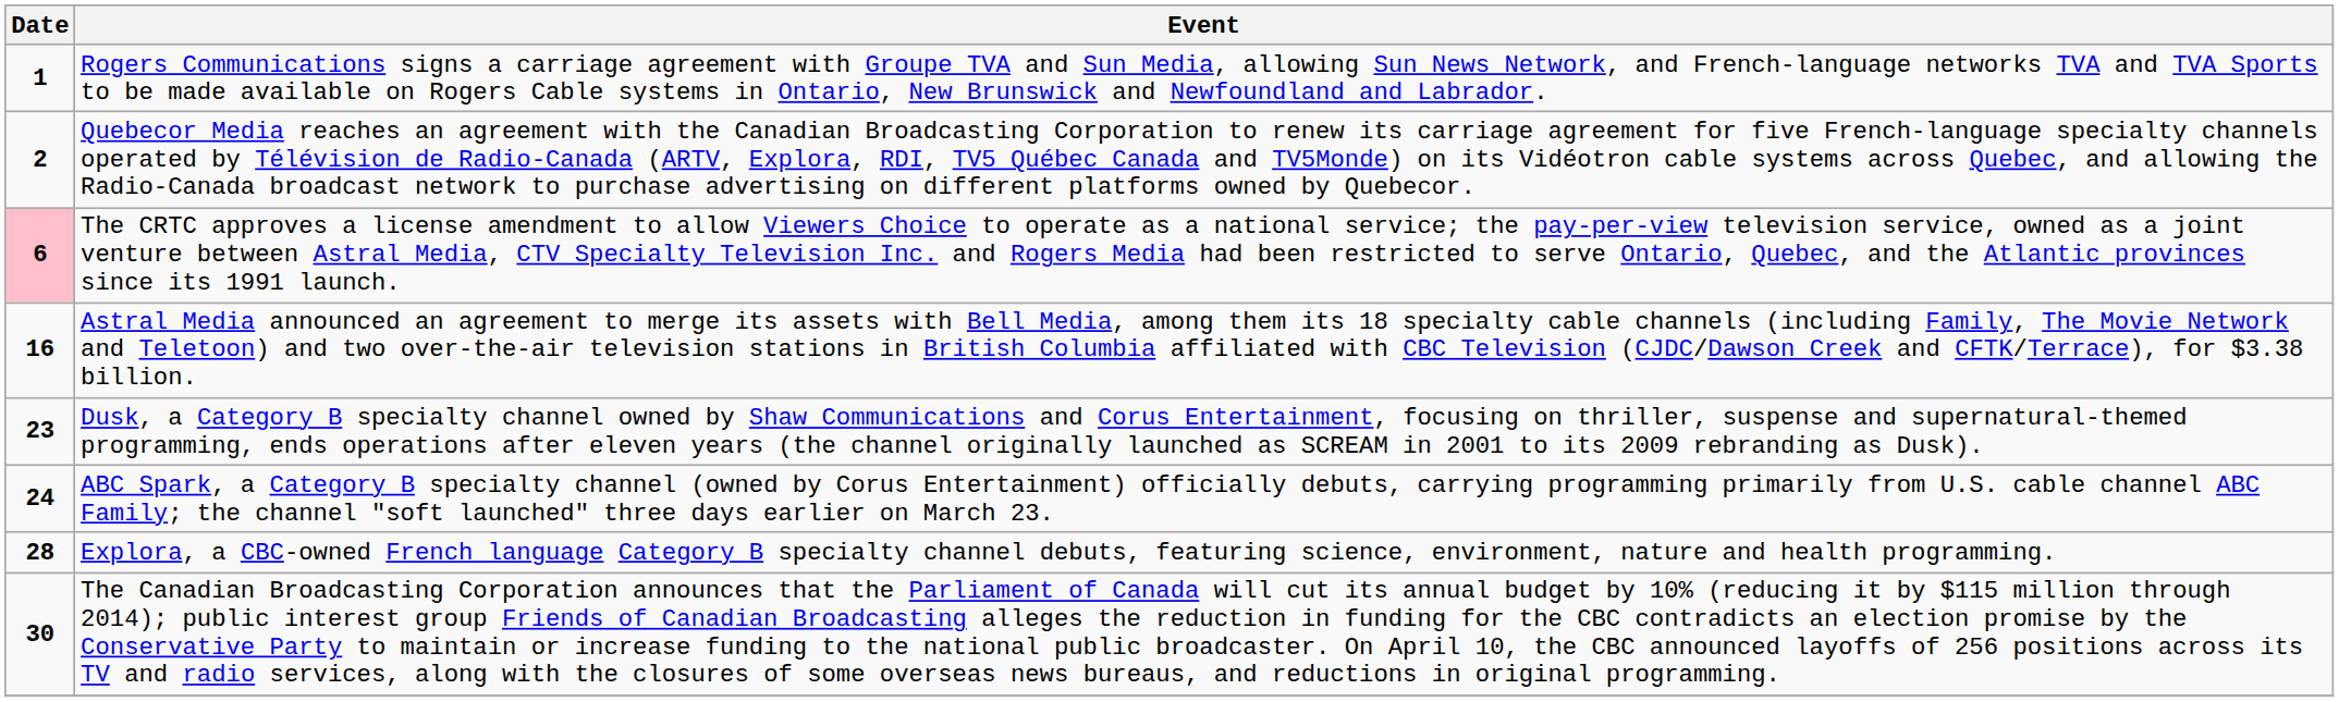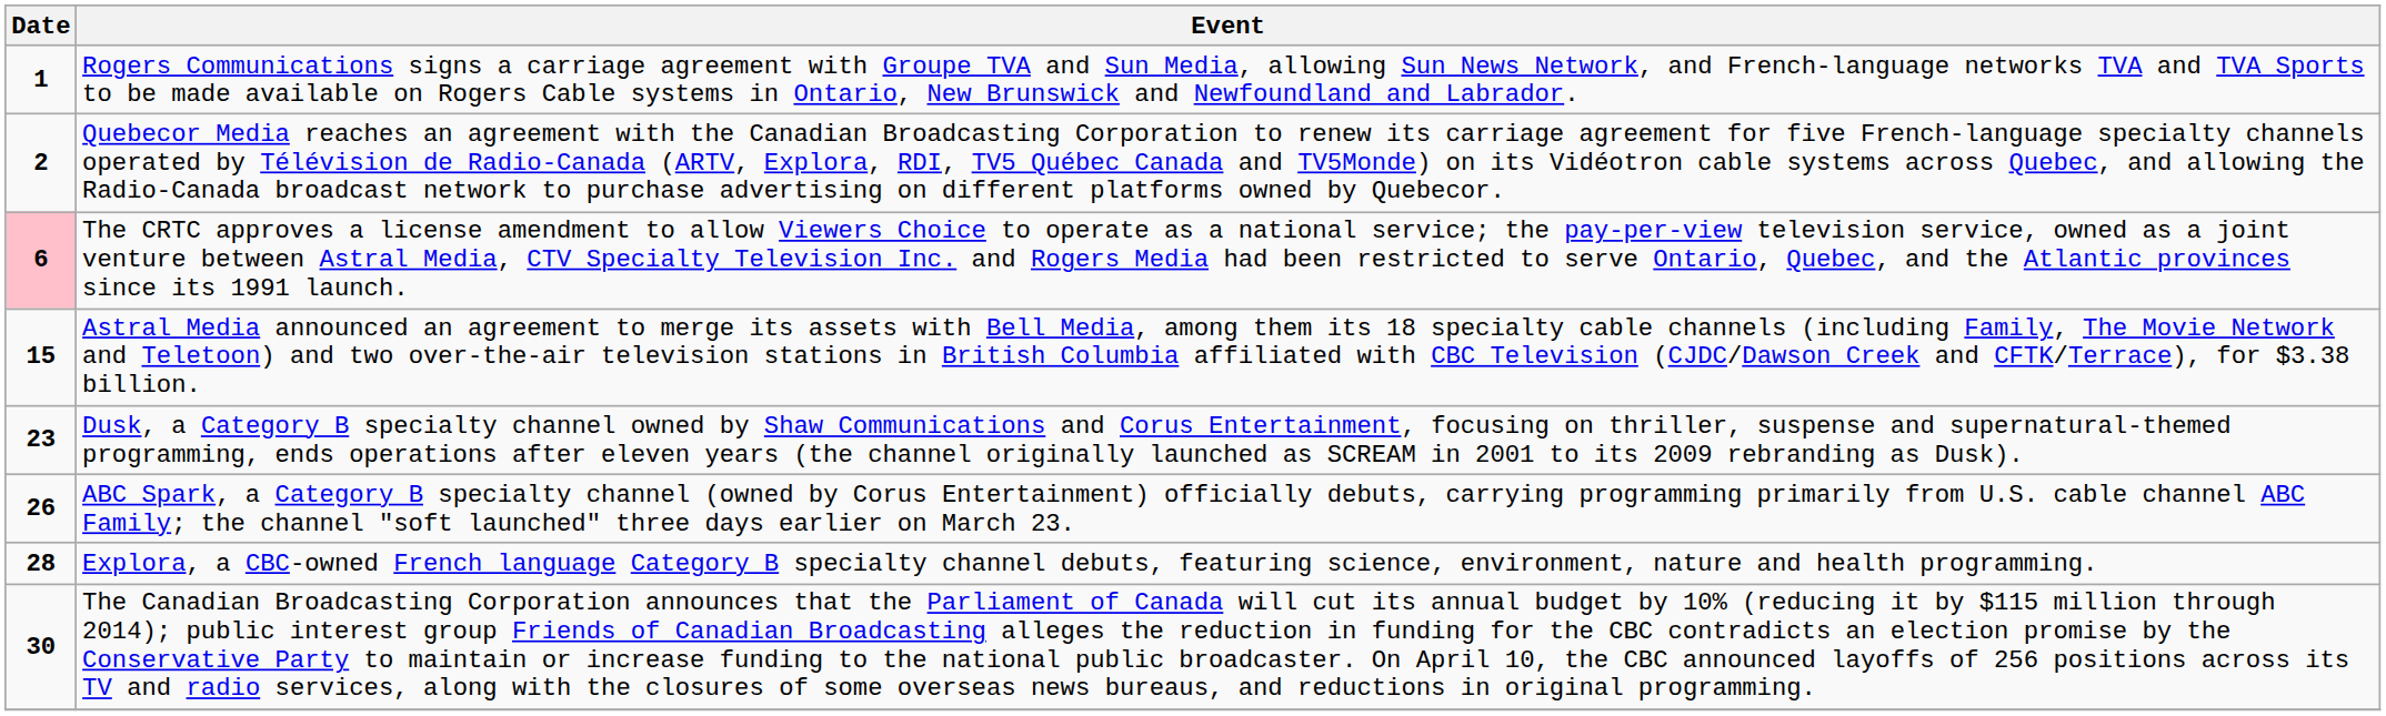 <table class="wikitable">
 <tr>
 <th>Date</th>
 <th>Event</th>
 </tr>
 <tr>
 <td style="text-align:center;"><strong>1</strong></td>
 <td><a href='#'>Rogers Communications</a> signs a carriage agreement with <a href='#'>Groupe TVA</a> and <a href='#'>Sun Media</a>, allowing <a href='#'>Sun News Network</a>, and French-language networks <a href='#'>TVA</a> and <a href='#'>TVA Sports</a> to be made available on Rogers Cable systems in <a href='#'>Ontario</a>, <a href='#'>New Brunswick</a> and <a href='#'>Newfoundland and Labrador</a>.</td>
 </tr>
 <tr>
 <td style="text-align:center;"><strong>2</strong></td>
 <td><a href='#'>Quebecor Media</a> reaches an agreement with the Canadian Broadcasting Corporation to renew its carriage agreement for five French-language specialty channels operated by <a href='#'>Télévision de Radio-Canada</a> (<a href='#'>ARTV</a>, <a href='#'>Explora</a>, <a href='#'>RDI</a>, <a href='#'>TV5 Québec Canada</a> and <a href='#'>TV5Monde</a>) on its Vidéotron cable systems across <a href='#'>Quebec</a>, and allowing the Radio-Canada broadcast network to purchase advertising on different platforms owned by Quebecor.</td>
 </tr>
 <tr>
 <td style="background: pink; text-align:center;"><strong>6</strong></td>
 <td>The CRTC approves a license amendment to allow <a href='#'>Viewers Choice</a> to operate as a national service; the <a href='#'>pay-per-view</a> television service, owned as a joint venture between <a href='#'>Astral Media</a>, <a href='#'>CTV Specialty Television Inc.</a> and <a href='#'>Rogers Media</a> had been restricted to serve <a href='#'>Ontario</a>, <a href='#'>Quebec</a>, and the <a href='#'>Atlantic provinces</a> since its 1991 launch.</td>
 </tr>
 <tr>
-<td style="text-align:center;"><strong>16</strong></td>
+<td style="text-align:center;"><strong>15</strong></td>
 <td><a href='#'>Astral Media</a> announced an agreement to merge its assets with <a href='#'>Bell Media</a>, among them its 18 specialty cable channels (including <a href='#'>Family</a>, <a href='#'>The Movie Network</a> and <a href='#'>Teletoon</a>) and two over-the-air television stations in <a href='#'>British Columbia</a> affiliated with <a href='#'>CBC Television</a> (<a href='#'>CJDC</a>/<a href='#'>Dawson Creek</a> and <a href='#'>CFTK</a>/<a href='#'>Terrace</a>), for $3.38 billion.</td>
 </tr>
 <tr>
 <td style="text-align:center;"><strong>23</strong></td>
 <td><a href='#'>Dusk</a>, a <a href='#'>Category B</a> specialty channel owned by <a href='#'>Shaw Communications</a> and <a href='#'>Corus Entertainment</a>, focusing on thriller, suspense and supernatural-themed programming, ends operations after eleven years (the channel originally launched as SCREAM in 2001 to its 2009 rebranding as Dusk).</td>
 </tr>
 <tr>
-<td style="text-align:center;"><strong>24</strong></td>
+<td style="text-align:center;"><strong>26</strong></td>
 <td><a href='#'>ABC Spark</a>, a <a href='#'>Category B</a> specialty channel (owned by Corus Entertainment) officially debuts, carrying programming primarily from U.S. cable channel <a href='#'>ABC Family</a>; the channel "soft launched" three days earlier on March 23.</td>
 </tr>
 <tr>
 <td style="text-align:center;"><strong>28</strong></td>
 <td><a href='#'>Explora</a>, a <a href='#'>CBC</a>-owned <a href='#'>French language</a> <a href='#'>Category B</a> specialty channel debuts, featuring science, environment, nature and health programming.</td>
 </tr>
 <tr>
 <td style="text-align:center;"><strong>30</strong></td>
 <td>The Canadian Broadcasting Corporation announces that the <a href='#'>Parliament of Canada</a> will cut its annual budget by 10% (reducing it by $115 million through 2014); public interest group <a href='#'>Friends of Canadian Broadcasting</a> alleges the reduction in funding for the CBC contradicts an election promise by the <a href='#'>Conservative Party</a> to maintain or increase funding to the national public broadcaster. On April 10, the CBC announced layoffs of 256 positions across its <a href='#'>TV</a> and <a href='#'>radio</a> services, along with the closures of some overseas news bureaus, and reductions in original programming.</td>
 </tr>
 <tr>
 </tr>
 </table>
